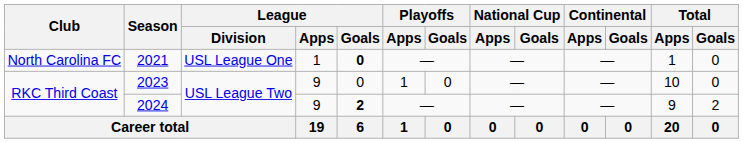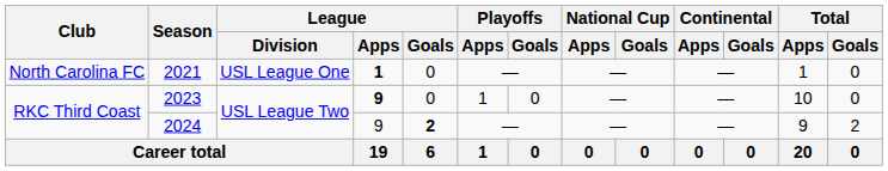 <table class=wikitable style=text-align:center>
 <tr>
 <th rowspan=2>Club</th>
 <th rowspan=2>Season</th>
 <th colspan="3">League</th>
 <th colspan="2">Playoffs</th>
 <th colspan="2">National Cup</th>
 <th colspan="2">Continental</th>
 <th colspan="2">Total</th>
 </tr>
 <tr>
 <th>Division</th>
 <th>Apps</th>
 <th>Goals</th>
 <th>Apps</th>
 <th>Goals</th>
 <th>Apps</th>
 <th>Goals</th>
 <th>Apps</th>
 <th>Goals</th>
 <th>Apps</th>
 <th>Goals</th>
 </tr>
 <tr>
 <td rowspan=1><a href='#'>North Carolina FC</a></td>
 <td><a href='#'>2021</a></td>
 <td><a href='#'>USL League One</a></td>
-<td>1</td>
-<td><strong>0</strong></td>
+<td><strong>1</strong></td>
+<td>0</td>
 <td colspan="2">—</td>
 <td colspan="2">—</td>
 <td colspan="2">—</td>
 <td>1</td>
 <td>0</td>
 </tr>
 <tr>
 <td rowspan=2><a href='#'>RKC Third Coast</a></td>
 <td><a href='#'>2023</a></td>
 <td rowspan=2><a href='#'>USL League Two</a></td>
-<td>9</td>
+<td><strong>9</strong></td>
 <td>0</td>
 <td>1</td>
 <td>0</td>
 <td colspan="2">—</td>
 <td colspan="2">—</td>
 <td>10</td>
 <td>0</td>
 </tr>
 <tr>
 <td><a href='#'>2024</a></td>
 <td>9</td>
 <td><strong>2</strong></td>
 <td colspan="2">—</td>
 <td colspan="2">—</td>
 <td colspan="2">—</td>
 <td>9</td>
 <td>2</td>
 </tr>
 <tr>
 <th colspan="3">Career total</th>
 <th>19</th>
 <th>6</th>
 <th>1</th>
 <th>0</th>
 <th>0</th>
 <th>0</th>
 <th>0</th>
 <th>0</th>
 <th>20</th>
 <th>0</th>
 </tr>
 </table>
